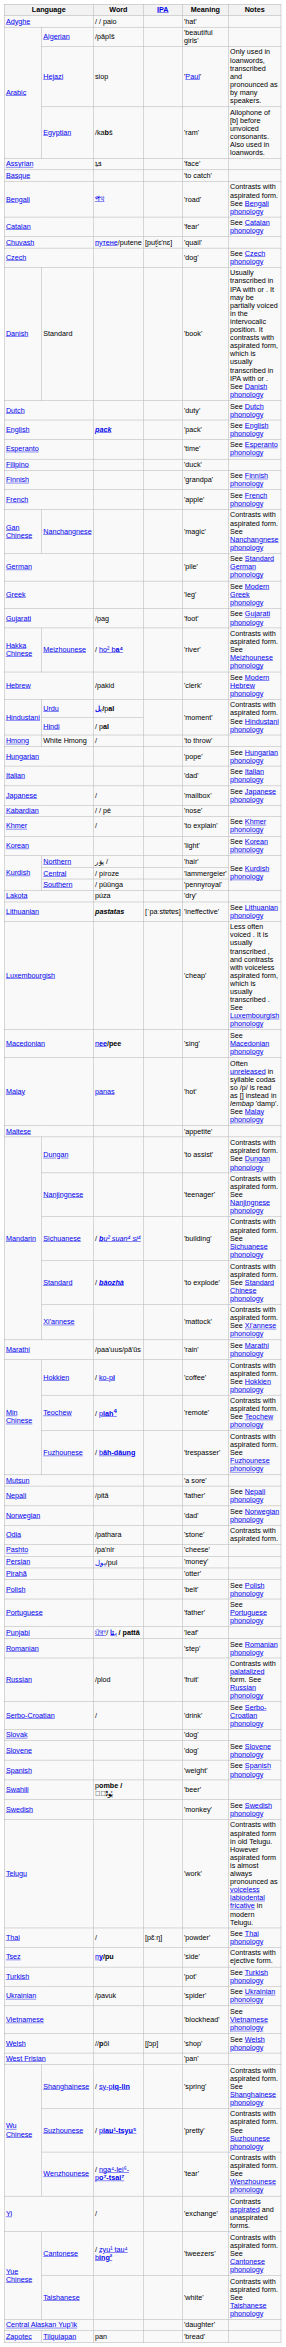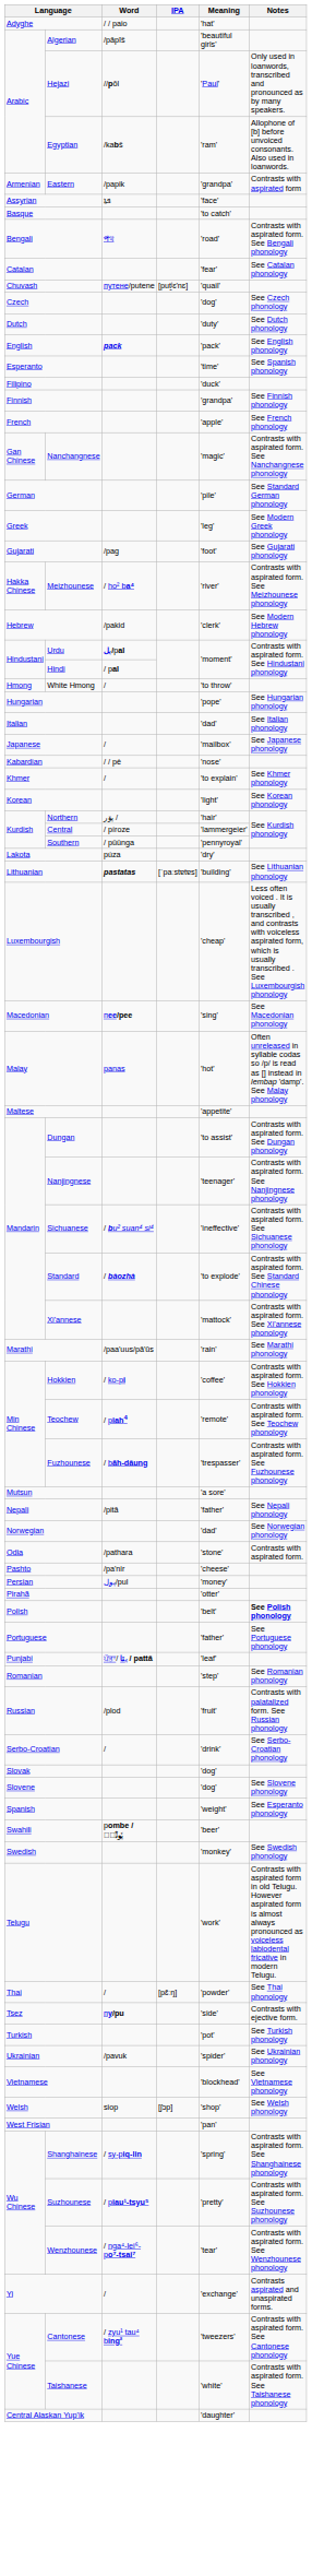 <table class="wikitable">
 <tr>
 <th colspan="2">Language</th>
 <th>Word</th>
 <th><a href='#'>IPA</a></th>
 <th>Meaning</th>
 <th>Notes</th>
 </tr>
 <tr>
 <td colspan="2"><a href='#'>Adyghe</a></td>
 <td> /  / paio</td>
 <td></td>
 <td>'hat'</td>
 <td></td>
 </tr>
 <tr>
 <td rowspan="3"><a href='#'>Arabic</a></td>
 <td><a href='#'>Algerian</a></td>
 <td>/pāpīš</td>
 <td></td>
 <td>'beautiful girls'</td>
 <td></td>
 </tr>
 <tr>
 <td><a href='#'>Hejazi</a></td>
-<td>sio</strong>p<strong></td>
+<td>//<strong>p</strong>ōl</td>
 <td></td>
 <td>'<a href='#'>Paul</a>'</td>
 <td>Only used in loanwords, transcribed and pronounced as  by many speakers.</td>
 </tr>
 <tr>
 <td><a href='#'>Egyptian</a></td>
 <td>/ka<strong>b</strong>š</td>
 <td></td>
 <td>'ram'</td>
 <td>Allophone of [b] before unvoiced consonants. Also used in loanwords.</td>
+</tr>
+<tr>
+<td><a href='#'>Armenian</a></td>
+<td><a href='#'>Eastern</a></td>
+<td>/papik</td>
+<td></td>
+<td>'grandpa'</td>
+<td>Contrasts with <a href='#'>aspirated</a> form</td>
 </tr>
 <tr>
 <td colspan="2"><a href='#'>Assyrian</a></td>
 <td>ܦܬܐ </td>
 <td></td>
 <td>'face'</td>
 <td></td>
 </tr>
 <tr>
 <td colspan="2"><a href='#'>Basque</a></td>
 <td></td>
 <td></td>
 <td>'to catch'</td>
 <td></td>
 </tr>
 <tr>
 <td colspan="2"><a href='#'>Bengali</a></td>
 <td><a href='#'><strong>প</strong>থ</a></td>
 <td></td>
 <td>'road'</td>
 <td>Contrasts with aspirated form. See <a href='#'>Bengali phonology</a></td>
 </tr>
 <tr>
 <td colspan="2"><a href='#'>Catalan</a></td>
 <td></td>
 <td></td>
 <td>'fear'</td>
 <td>See <a href='#'>Catalan phonology</a></td>
 </tr>
 <tr>
 <td colspan="2"><a href='#'>Chuvash</a></td>
 <td><a href='#'>путене</a>/putene</td>
 <td>[put̬ʲɛ'nɛ]</td>
 <td>'quail'</td>
 <td></td>
 </tr>
 <tr>
 <td colspan="2"><a href='#'>Czech</a></td>
 <td></td>
 <td></td>
 <td>'dog'</td>
 <td>See <a href='#'>Czech phonology</a></td>
 </tr>
 <tr>
-<td><a href='#'>Danish</a></td>
-<td>Standard</td>
-<td></td>
-<td></td>
-<td>'book'</td>
-<td>Usually transcribed in IPA with  or . It may be partially voiced  in the intervocalic position. It contrasts with aspirated form, which is usually transcribed in IPA with  or . See <a href='#'>Danish phonology</a></td>
-</tr>
-<tr>
 <td colspan="2"><a href='#'>Dutch</a></td>
 <td></td>
 <td></td>
 <td>'duty'</td>
 <td>See <a href='#'>Dutch phonology</a></td>
 </tr>
 <tr>
 <td colspan="2"><a href='#'>English</a></td>
 <td><a href='#'><strong><em>p<strong>ack<em></a></td>
 <td></td>
 <td>'pack'</td>
 <td>See <a href='#'>English phonology</a></td>
 </tr>
 <tr>
 <td colspan="2"><a href='#'>Esperanto</a></td>
 <td></td>
 <td></td>
 <td>'time'</td>
-<td>See <a href='#'>Esperanto phonology</a></td>
+<td>See <a href='#'>Spanish phonology</a></td>
 </tr>
 <tr>
 <td colspan="2"><a href='#'>Filipino</a></td>
 <td></td>
 <td></td>
 <td>'duck'</td>
 <td></td>
 </tr>
 <tr>
 <td colspan="2"><a href='#'>Finnish</a></td>
 <td></td>
 <td></td>
 <td>'grandpa'</td>
 <td>See <a href='#'>Finnish phonology</a></td>
 </tr>
 <tr>
 <td colspan="2"><a href='#'>French</a></td>
 <td></td>
 <td></td>
 <td>'apple'</td>
 <td>See <a href='#'>French phonology</a></td>
 </tr>
 <tr>
 <td><a href='#'>Gan Chinese</a></td>
 <td><a href='#'>Nanchangnese</a></td>
 <td></td>
 <td></td>
 <td>'magic'</td>
 <td>Contrasts with aspirated form. See <a href='#'>Nanchangnese phonology</a></td>
 </tr>
 <tr>
 <td colspan="2"><a href='#'>German</a></td>
 <td></td>
 <td></td>
 <td>'pile'</td>
 <td>See <a href='#'>Standard German phonology</a></td>
 </tr>
 <tr>
 <td colspan="2"><a href='#'>Greek</a></td>
 <td></td>
 <td></td>
 <td>'leg'</td>
 <td>See <a href='#'>Modern Greek phonology</a></td>
 </tr>
 <tr>
 <td colspan="2"><a href='#'>Gujarati</a></td>
 <td>/pag</td>
 <td></td>
 <td>'foot'</td>
 <td>See <a href='#'>Gujarati phonology</a></td>
 </tr>
 <tr>
 <td><a href='#'>Hakka Chinese</a></td>
 <td><a href='#'>Meizhounese</a></td>
 <td> / </em><a href='#'>ho² </strong>b<strong>a⁴</a><em></td>
 <td></td>
 <td>'river'</td>
 <td>Contrasts with aspirated form. See <a href='#'>Meizhounese phonology</a></td>
 </tr>
 <tr>
 <td colspan="2"><a href='#'>Hebrew</a></td>
 <td>/pakid</td>
 <td></td>
 <td>'clerk'</td>
 <td>See <a href='#'>Modern Hebrew phonology</a></td>
 </tr>
 <tr>
 <td rowspan="2"><a href='#'>Hindustani</a></td>
 <td><a href='#'>Urdu</a></td>
 <td><a href='#'></strong>پ<strong>ل</a>/</strong>p<strong>al</td>
 <td rowspan="2"></td>
 <td rowspan="2">'moment'</td>
 <td rowspan="2">Contrasts with aspirated form. See <a href='#'>Hindustani phonology</a></td>
 </tr>
 <tr>
 <td><a href='#'>Hindi</a></td>
 <td> / </strong>p<strong>al</td>
 </tr>
 <tr>
 <td><a href='#'>Hmong</a></td>
 <td>White Hmong</td>
 <td> / </td>
 <td></td>
 <td>'to throw'</td>
 </tr>
 <tr>
 <td colspan="2"><a href='#'>Hungarian</a></td>
 <td></td>
 <td></td>
 <td>'pope'</td>
 <td>See <a href='#'>Hungarian phonology</a></td>
 </tr>
 <tr>
 <td colspan="2"><a href='#'>Italian</a></td>
 <td></td>
 <td></td>
 <td>'dad'</td>
 <td>See <a href='#'>Italian phonology</a></td>
 </tr>
 <tr>
 <td colspan="2"><a href='#'>Japanese</a></td>
 <td> / </td>
 <td></td>
 <td>'mailbox'</td>
 <td>See <a href='#'>Japanese phonology</a></td>
 </tr>
 <tr>
 <td colspan="2"><a href='#'>Kabardian</a></td>
 <td> /  / pė</td>
 <td></td>
 <td>'nose'</td>
 <td></td>
 </tr>
 <tr>
 <td colspan="2"><a href='#'>Khmer</a></td>
 <td> / </td>
 <td></td>
 <td>'to explain'</td>
 <td>See <a href='#'>Khmer phonology</a></td>
 </tr>
 <tr>
 <td colspan="2"><a href='#'>Korean</a></td>
 <td></td>
 <td></td>
 <td>'light'</td>
 <td>See <a href='#'>Korean phonology</a></td>
 </tr>
 <tr>
 <td rowspan="3"><a href='#'>Kurdish</a></td>
 <td><a href='#'>Northern</a></td>
 <td>پۆر / </td>
 <td></td>
 <td>'hair'</td>
 <td rowspan="3">See <a href='#'>Kurdish phonology</a></td>
 </tr>
 <tr>
 <td><a href='#'>Central</a></td>
 <td> / píroze</td>
 <td></td>
 <td>'lammergeier'</td>
 </tr>
 <tr>
 <td><a href='#'>Southern</a></td>
 <td> / pûûnga</td>
 <td></td>
 <td>'pennyroyal'</td>
 </tr>
 <tr>
 <td colspan="2"><a href='#'>Lakota</a></td>
 <td></em></strong>p</strong>úza</em></td>
 <td></td>
 <td>'dry'</td>
 <td></td>
 </tr>
 <tr>
 <td colspan="2"><a href='#'>Lithuanian</a></td>
 <td><strong><em>p<strong>astatas<em></td>
 <td>[ˈpaːstɐtɐs]</td>
-<td>'ineffective'</td>
+<td>'building'</td>
 <td>See <a href='#'>Lithuanian phonology</a></td>
 </tr>
 <tr>
 <td colspan="2"><a href='#'>Luxembourgish</a></td>
 <td></td>
 <td></td>
 <td>'cheap'</td>
 <td>Less often voiced . It is usually transcribed , and contrasts with voiceless aspirated form, which is usually transcribed . See <a href='#'>Luxembourgish phonology</a></td>
 </tr>
 <tr>
 <td colspan="2"><a href='#'>Macedonian</a></td>
 <td><a href='#'></strong>п<strong>ее</a>/pee</td>
 <td></td>
 <td>'sing'</td>
 <td>See <a href='#'>Macedonian phonology</a></td>
 </tr>
 <tr>
 <td colspan="2"><a href='#'>Malay</a></td>
 <td><a href='#'></em></strong>p</strong>anas</em></a></td>
 <td></td>
 <td>'hot'</td>
 <td>Often <a href='#'>unreleased</a> in syllable codas so /p/ is read as [] instead in <em>lembap</em>  'damp'. See <a href='#'>Malay phonology</a></td>
 </tr>
 <tr>
 <td colspan="2"><a href='#'>Maltese</a></td>
 <td></td>
 <td></td>
 <td>'appetite'</td>
 <td></td>
 </tr>
 <tr>
 <td rowspan="5"><a href='#'>Mandarin</a></td>
 <td><a href='#'>Dungan</a></td>
 <td></td>
 <td></td>
 <td>'to assist'</td>
 <td>Contrasts with aspirated form. See <a href='#'>Dungan phonology</a></td>
 </tr>
 <tr>
 <td><a href='#'>Nanjingnese</a></td>
 <td></td>
 <td></td>
 <td>'teenager'</td>
 <td>Contrasts with aspirated form. See <a href='#'>Nanjingnese phonology</a></td>
 </tr>
 <tr>
 <td><a href='#'>Sichuanese</a></td>
 <td> / <em><a href='#'><strong>b</strong>u² suan⁴ si⁴</a></em></td>
 <td></td>
-<td>'building'</td>
+<td>'ineffective'</td>
 <td>Contrasts with aspirated form. See <a href='#'>Sichuanese phonology</a></td>
 </tr>
 <tr>
 <td><a href='#'>Standard</a></td>
 <td> / <a href='#'><strong><em>b<strong>àozhà<em></a></td>
 <td></td>
 <td>'to explode'</td>
 <td>Contrasts with aspirated form. See <a href='#'>Standard Chinese phonology</a></td>
 </tr>
 <tr>
 <td><a href='#'>Xi'annese</a></td>
 <td></td>
 <td></td>
 <td>'mattock'</td>
 <td>Contrasts with aspirated form. See <a href='#'>Xi'annese phonology</a></td>
 </tr>
 <tr>
 <td colspan="2"><a href='#'>Marathi</a></td>
 <td>/paa'uus/pā'ūs</td>
 <td></td>
 <td>'rain'</td>
 <td>See <a href='#'>Marathi phonology</a></td>
 </tr>
 <tr>
 <td rowspan="3"><a href='#'>Min Chinese</a></td>
 <td><a href='#'>Hokkien</a></td>
 <td> / </em><a href='#'>ko-</strong>p<strong>i</a><em></td>
 <td></td>
 <td>'coffee'</td>
 <td>Contrasts with aspirated form. See <a href='#'>Hokkien phonology</a></td>
 </tr>
 <tr>
 <td><a href='#'>Teochew</a></td>
 <td> / </em><a href='#'></strong>p<strong>iah<sup>4</sup></a><em></td>
 <td></td>
 <td>'remote'</td>
 <td>Contrasts with aspirated form. See <a href='#'>Teochew phonology</a></td>
 </tr>
 <tr>
 <td><a href='#'>Fuzhounese</a></td>
 <td> / </em><a href='#'></strong>b<strong>ăh-dâung</a><em></td>
 <td></td>
 <td>'trespasser'</td>
 <td>Contrasts with aspirated form. See <a href='#'>Fuzhounese phonology</a></td>
 </tr>
 <tr>
 <td colspan="2"><a href='#'>Mutsun</a></td>
 <td></td>
 <td></td>
 <td>'a sore'</td>
 <td></td>
 </tr>
 <tr>
 <td colspan="2"><a href='#'>Nepali</a></td>
 <td>/pitā</td>
 <td></td>
 <td>'father'</td>
 <td>See <a href='#'>Nepali phonology</a></td>
 </tr>
 <tr>
 <td colspan="2"><a href='#'>Norwegian</a></td>
 <td></td>
 <td></td>
 <td>'dad'</td>
 <td>See <a href='#'>Norwegian phonology</a></td>
 </tr>
 <tr>
 <td colspan="2"><a href='#'>Odia</a></td>
 <td>/pathara</td>
 <td></td>
 <td>'stone'</td>
 <td>Contrasts with aspirated form.</td>
 </tr>
 <tr>
 <td colspan="2"><a href='#'>Pashto</a></td>
 <td>/pa'nir</td>
 <td></td>
 <td>'cheese'</td>
 <td></td>
 </tr>
 <tr>
 <td colspan="2"><a href='#'>Persian</a></td>
 <td><a href='#'>پول</a>/pul</td>
 <td></td>
 <td>'money'</td>
 <td></td>
 </tr>
 <tr>
 <td colspan="2"><a href='#'>Pirahã</a></td>
 <td></td>
 <td></td>
 <td>'otter'</td>
 <td></td>
 </tr>
 <tr>
 <td colspan="2"><a href='#'>Polish</a></td>
 <td></td>
 <td></td>
 <td>'belt'</td>
-<td>See <a href='#'>Polish phonology</a></td>
+<td><strong>See <a href='#'>Polish phonology</a></strong></td>
 </tr>
 <tr>
 <td colspan="2"><a href='#'>Portuguese</a></td>
 <td></td>
 <td></td>
 <td>'father'</td>
 <td>See <a href='#'>Portuguese phonology</a></td>
 </tr>
 <tr>
 <td colspan=2><a href='#'>Punjabi</a></td>
 <td><a href='#'>ਪੱਤਾ</a>/ <a href='#'></strong>پ<strong>تا</a> / pattā</td>
 <td></td>
 <td>'leaf'</td>
 </tr>
 <tr>
 <td colspan="2"><a href='#'>Romanian</a></td>
 <td></td>
 <td></td>
 <td>'step'</td>
 <td>See <a href='#'>Romanian phonology</a></td>
 </tr>
 <tr>
 <td colspan="2"><a href='#'>Russian</a></td>
 <td>/plod</td>
 <td></td>
 <td>'fruit'</td>
 <td>Contrasts with <a href='#'>palatalized</a> form. See <a href='#'>Russian phonology</a></td>
 </tr>
 <tr>
 <td colspan="2"><a href='#'>Serbo-Croatian</a></td>
 <td> / </td>
 <td></td>
 <td>'drink'</td>
 <td>See <a href='#'>Serbo-Croatian phonology</a></td>
 </tr>
 <tr>
 <td colspan="2"><a href='#'>Slovak</a></td>
 <td></td>
 <td></td>
 <td>'dog'</td>
 <td></td>
 </tr>
 <tr>
 <td colspan="2"><a href='#'>Slovene</a></td>
 <td></td>
 <td></td>
 <td>'dog'</td>
 <td>See <a href='#'>Slovene phonology</a></td>
 </tr>
 <tr>
 <td colspan="2"><a href='#'>Spanish</a></td>
 <td></td>
 <td></td>
 <td>'weight'</td>
-<td>See <a href='#'>Spanish phonology</a></td>
+<td>See <a href='#'>Esperanto phonology</a></td>
 </tr>
 <tr>
 <td colspan="2"><a href='#'>Swahili</a></td>
 <td></strong>p<strong>ombe / </strong>پٗ<strong>ونْبٖ</td>
 <td></td>
 <td>'beer'</td>
 <td></td>
 </tr>
 <tr>
 <td colspan="2"><a href='#'>Swedish</a></td>
 <td></td>
 <td></td>
 <td>'monkey'</td>
 <td>See <a href='#'>Swedish phonology</a></td>
 </tr>
 <tr>
 <td colspan="2"><a href='#'>Telugu</a></td>
 <td></td>
 <td></td>
 <td>'work'</td>
 <td>Contrasts with aspirated form in old Telugu. However aspirated form is almost always pronounced as <a href='#'>voiceless labiodental fricative</a> in modern Telugu.</td>
 </tr>
 <tr>
 <td colspan="2"><a href='#'>Thai</a></td>
 <td>/</td>
 <td>[pɛ̂ːŋ]</td>
 <td>'powder'</td>
 <td>See <a href='#'>Thai phonology</a></td>
 </tr>
 <tr>
 <td colspan="2"><a href='#'>Tsez</a></td>
 <td><a href='#'></strong>п<strong>у</a>/pu</td>
 <td></td>
 <td>'side'</td>
 <td>Contrasts with ejective form.</td>
 </tr>
 <tr>
 <td colspan="2"><a href='#'>Turkish</a></td>
 <td></td>
 <td></td>
 <td>'pot'</td>
 <td>See <a href='#'>Turkish phonology</a></td>
 </tr>
 <tr>
 <td colspan="2"><a href='#'>Ukrainian</a></td>
 <td>/pavuk</td>
 <td></td>
 <td>'spider'</td>
 <td>See <a href='#'>Ukrainian phonology</a></td>
 </tr>
 <tr>
 <td colspan="2"><a href='#'>Vietnamese</a></td>
 <td></td>
 <td></td>
 <td>'blockhead'</td>
 <td>See <a href='#'>Vietnamese phonology</a></td>
 </tr>
 <tr>
 <td colspan="2"><a href='#'>Welsh</a></td>
-<td>//<strong>p</strong>ōl</td>
+<td>sio</strong>p<strong></td>
 <td>[ʃɔp]</td>
 <td>'shop'</td>
 <td>See <a href='#'>Welsh phonology</a></td>
 </tr>
 <tr>
 <td colspan="2"><a href='#'>West Frisian</a></td>
 <td></td>
 <td></td>
 <td>'pan'</td>
 <td></td>
 </tr>
 <tr>
 <td rowspan="3"><a href='#'>Wu Chinese</a></td>
 <td><a href='#'>Shanghainese</a></td>
 <td> / </em><a href='#'>sy-</strong>p<strong>iq-lin</a><em></td>
 <td></td>
 <td>'spring'</td>
 <td>Contrasts with aspirated form. See <a href='#'>Shanghainese phonology</a></td>
 </tr>
 <tr>
 <td><a href='#'>Suzhounese</a></td>
 <td> / </em><a href='#'></strong>p<strong>iau¹-tsyu⁵</a><em></td>
 <td></td>
 <td>'pretty'</td>
 <td>Contrasts with aspirated form. See <a href='#'>Suzhounese phonology</a></td>
 </tr>
 <tr>
 <td><a href='#'>Wenzhounese</a></td>
 <td> / </em><a href='#'>nga⁴-lei⁶-</strong>p<strong>o⁷-tsai⁷</a><em></td>
 <td></td>
 <td>'tear'</td>
 <td>Contrasts with aspirated form. See <a href='#'>Wenzhounese phonology</a></td>
 </tr>
 <tr>
 <td colspan="2"><a href='#'>Yi</a></td>
 <td> / </td>
 <td></td>
 <td>'exchange'</td>
 <td>Contrasts <a href='#'>aspirated</a> and unaspirated forms.</td>
 </tr>
 <tr>
 <td rowspan="2"><a href='#'>Yue Chinese</a></td>
 <td><a href='#'>Cantonese</a></td>
 <td> / </em><a href='#'>zyu¹ tau⁴ </strong>b<strong>ing²</a><em></td>
 <td></td>
 <td>'tweezers'</td>
 <td>Contrasts with aspirated form. See <a href='#'>Cantonese phonology</a></td>
 </tr>
 <tr>
 <td><a href='#'>Taishanese</a></td>
 <td></td>
 <td></td>
 <td>'white'</td>
 <td>Contrasts with aspirated form. See <a href='#'>Taishanese phonology</a></td>
 </tr>
 <tr>
 <td colspan="2"><a href='#'>Central Alaskan Yup'ik</a></td>
 <td></td>
 <td></td>
 <td>'daughter'</td>
 <td></td>
 </tr>
-<tr>
-<td><a href='#'>Zapotec</a></td>
-<td><a href='#'>Tilquiapan</a></td>
-<td></em></strong>p</strong>an</em></td>
-<td></td>
-<td>'bread'</td>
-<td></td>
-</tr>
 </table>
